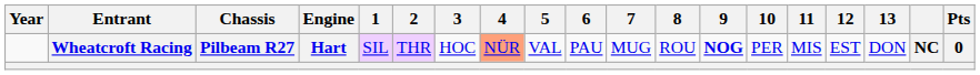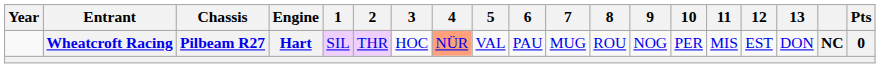 <table class="wikitable" style="text-align:center; font-size:90%">
 <tr>
 <th>Year</th>
 <th>Entrant</th>
 <th>Chassis</th>
 <th>Engine</th>
 <th>1</th>
 <th>2</th>
 <th>3</th>
 <th>4</th>
 <th>5</th>
 <th>6</th>
 <th>7</th>
 <th>8</th>
 <th>9</th>
 <th>10</th>
 <th>11</th>
 <th>12</th>
 <th>13</th>
 <th></th>
 <th>Pts</th>
 </tr>
 <tr>
 <td></td>
 <th><a href='#'>Wheatcroft Racing</a></th>
 <th><a href='#'>Pilbeam R27</a></th>
 <th><a href='#'>Hart</a></th>
 <td style="background:#EFCFFF;"><a href='#'>SIL</a><br></td>
 <td style="background:#EFCFFF;"><a href='#'>THR</a><br></td>
 <td><a href='#'>HOC</a></td>
 <td style="background: lightsalmon;"><a href='#'>NÜR</a></td>
 <td><a href='#'>VAL</a></td>
 <td><a href='#'>PAU</a></td>
 <td><a href='#'>MUG</a></td>
 <td><a href='#'>ROU</a></td>
-<td><strong><a href='#'>NOG</a></strong></td>
+<td><a href='#'>NOG</a></td>
 <td><a href='#'>PER</a></td>
 <td><a href='#'>MIS</a></td>
 <td><a href='#'>EST</a></td>
 <td><a href='#'>DON</a></td>
 <th>NC</th>
 <th>0</th>
 </tr>
 <tr>
 <th colspan="19"></th>
 </tr>
 </table>
